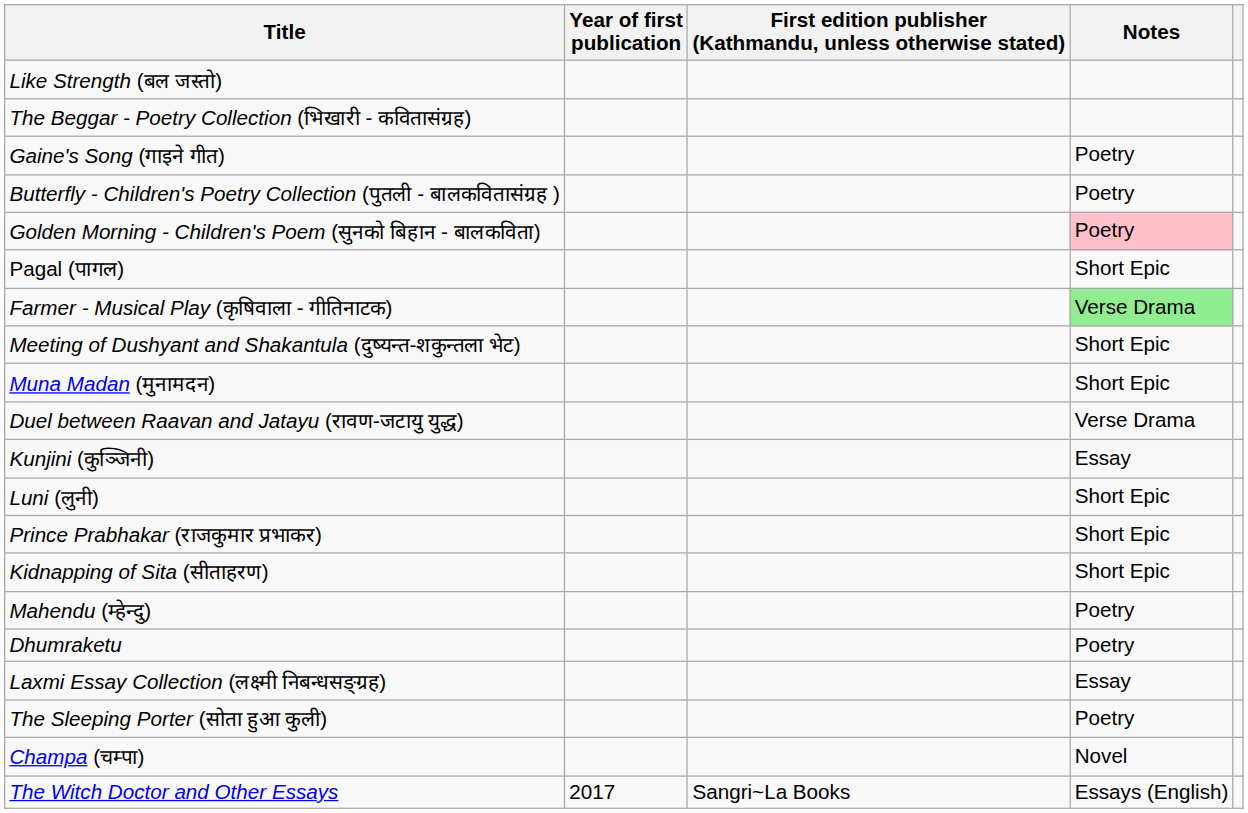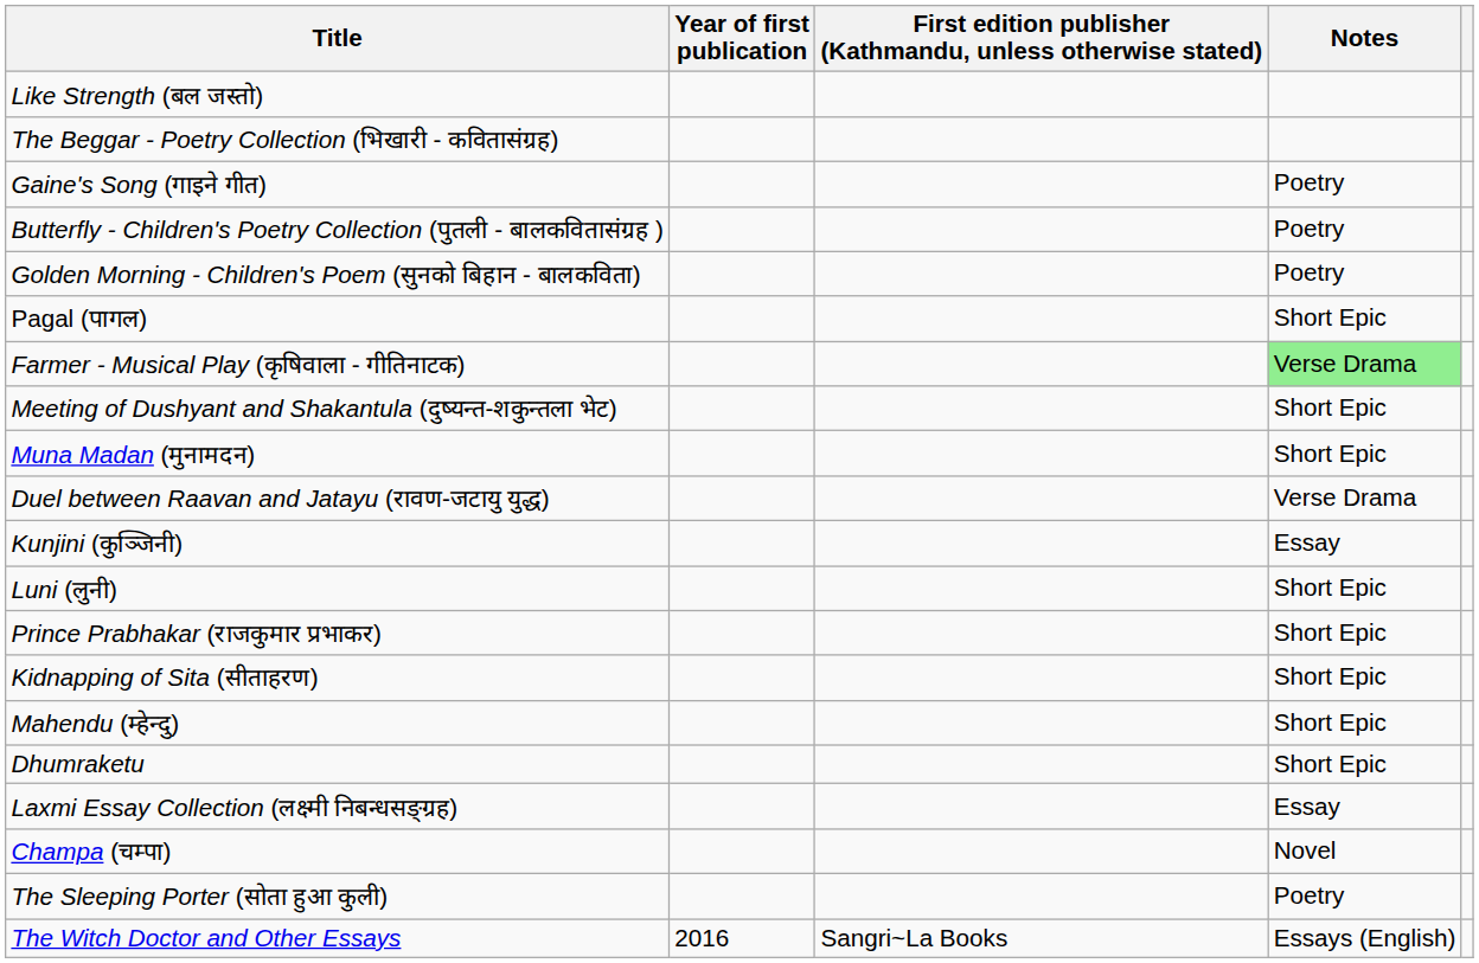 <table class="wikitable plainrowheaders sortable" style="margin-right: 0;">
 <tr>
 <th scope="col">Title</th>
 <th scope="col">Year of first<br>publication</th>
 <th scope="col">First edition publisher<br>(Kathmandu, unless otherwise stated)</th>
 <th scope="col" class="unsortable">Notes</th>
 <th scope="col" class="unsortable"></th>
 </tr>
 <tr>
 <td scope="row"><em>Like Strength</em> (बल जस्तो)</td>
 <td></td>
 <td></td>
 <td></td>
 <td></td>
 </tr>
 <tr>
 <td scope="row"><em>The Beggar - Poetry Collection</em> (भिखारी - कवितासंग्रह)</td>
 <td style="text-align: center;"></td>
 <td></td>
 <td></td>
 <td></td>
 </tr>
 <tr>
 <td scope="row"><em>Gaine's Song</em> (गाइने गीत)</td>
 <td></td>
 <td></td>
 <td>Poetry</td>
 <td style="text-align: center;"></td>
 </tr>
 <tr>
 <td scope="row"><em>Butterfly - Children's Poetry Collection</em> (पुतली - बालकवितासंग्रह )</td>
 <td></td>
 <td></td>
 <td>Poetry</td>
 <td style="text-align: center;"></td>
 </tr>
 <tr>
 <td scope="row"><em>Golden Morning - Children's Poem</em> (सुनको बिहान -  बालकविता)</td>
 <td></td>
 <td></td>
-<td style="background: pink;">Poetry</td>
+<td>Poetry</td>
 <td style="text-align: center;"></td>
 </tr>
 <tr>
 <td>Pagal (पागल)</td>
 <td></td>
 <td></td>
 <td>Short Epic</td>
 <td></td>
 </tr>
 <tr>
 <td scope="row"><em>Farmer - Musical Play</em> (कृषिवाला - गीतिनाटक)</td>
 <td></td>
 <td></td>
 <td style="background: lightgreen;">Verse Drama</td>
 <td style="text-align: center;"></td>
 </tr>
 <tr>
 <td scope="row"><em>Meeting of Dushyant and Shakantula</em> (दुष्यन्त-शकुन्तला भेट)</td>
 <td></td>
 <td></td>
 <td>Short Epic</td>
 <td style="text-align: center;"></td>
 </tr>
 <tr>
 <td scope="row"><em><a href='#'>Muna Madan</a></em> (मुनामदन)</td>
 <td></td>
 <td></td>
 <td>Short Epic</td>
 <td style="text-align: center;"></td>
 </tr>
 <tr>
 <td scope="row"><em>Duel between Raavan and Jatayu</em> (रावण-जटायु युद्ध)</td>
 <td></td>
 <td></td>
 <td>Verse Drama</td>
 <td style="text-align: center;"></td>
 </tr>
 <tr>
 <td scope="row"><em>Kunjini</em> (कुञ्जिनी)</td>
 <td></td>
 <td></td>
 <td>Essay</td>
 <td style="text-align: center;"></td>
 </tr>
 <tr>
 <td scope="row"><em>Luni</em> (लुनी)</td>
 <td></td>
 <td></td>
 <td>Short Epic</td>
 <td style="text-align: center;"></td>
 </tr>
 <tr>
 <td scope="row"><em>Prince Prabhakar</em> (राजकुमार प्रभाकर)</td>
 <td></td>
 <td></td>
 <td>Short Epic</td>
 <td style="text-align: center;"></td>
 </tr>
 <tr>
 <td scope="row"><em>Kidnapping of Sita</em> (सीताहरण)</td>
 <td></td>
 <td></td>
 <td>Short Epic</td>
 <td style="text-align: center;"></td>
 </tr>
 <tr>
 <td scope="row"><em>Mahendu</em> (म्हेन्दु)</td>
 <td></td>
 <td></td>
-<td>Poetry</td>
+<td>Short Epic</td>
 <td style="text-align: center;"></td>
 </tr>
 <tr>
 <td scope="row"><em>Dhumraketu</em></td>
 <td></td>
 <td></td>
-<td>Poetry</td>
+<td>Short Epic</td>
 <td style="text-align: center;"></td>
 </tr>
 <tr>
 <td scope="row"><em>Laxmi Essay Collection</em> (लक्ष्मी निबन्धसङ्‌ग्रह)</td>
 <td></td>
 <td></td>
 <td>Essay</td>
 <td style="text-align: center;"></td>
 </tr>
 <tr>
+<td scope="row"><em><a href='#'>Champa</a></em> (चम्पा)</td>
+<td></td>
+<td></td>
+<td>Novel</td>
+<td style="text-align: center;"></td>
+</tr>
+<tr>
 <td scope="row"><em>The Sleeping Porter</em> (सोता हुआ कुली)</td>
 <td></td>
 <td></td>
 <td>Poetry</td>
 <td style="text-align: center;"></td>
 </tr>
 <tr>
-<td scope="row"><em><a href='#'>Champa</a></em> (चम्पा)</td>
-<td></td>
-<td></td>
-<td>Novel</td>
-<td style="text-align: center;"></td>
-</tr>
-<tr>
 <td><em><a href='#'>The Witch Doctor and Other Essays</a></em></td>
-<td>2017</td>
+<td>2016</td>
 <td>Sangri~La Books</td>
 <td>Essays (English)</td>
 <td></td>
 </tr>
 </table>
